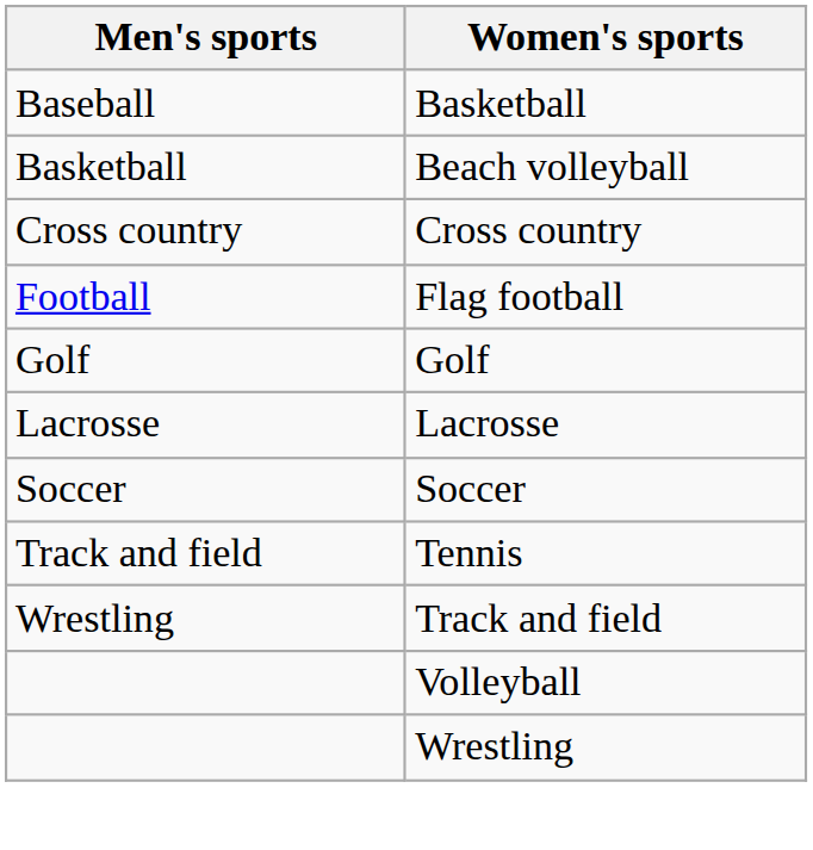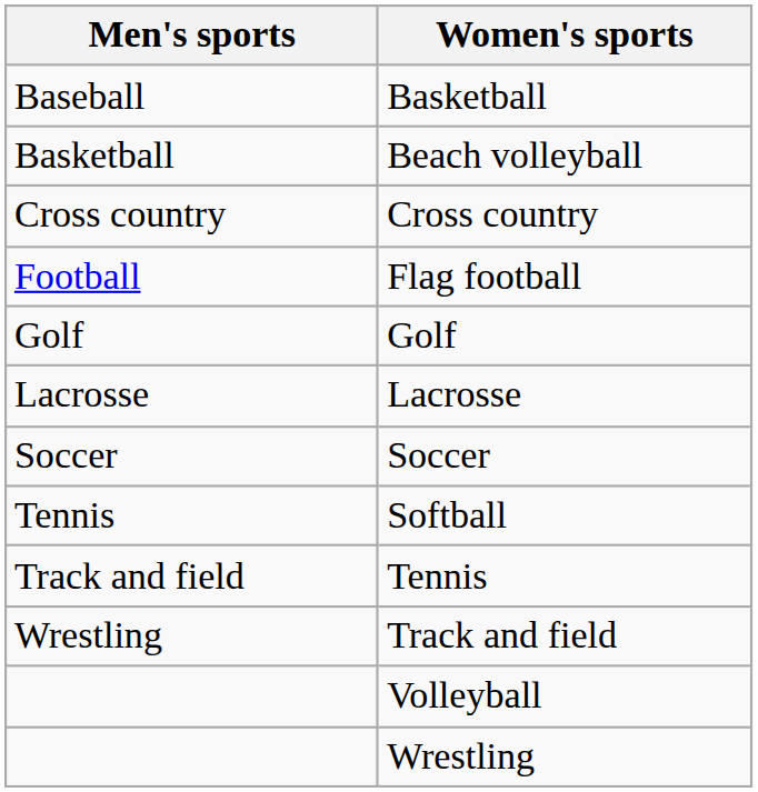 <table class="wikitable"; style= "text-align: ">
 <tr>
 <th width=150px>Men's sports</th>
 <th width=150px>Women's sports</th>
 </tr>
 <tr>
 <td>Baseball</td>
 <td>Basketball</td>
 </tr>
 <tr>
 <td>Basketball</td>
 <td>Beach volleyball</td>
 </tr>
 <tr>
 <td>Cross country</td>
 <td>Cross country</td>
 </tr>
 <tr>
 <td><a href='#'>Football</a></td>
 <td>Flag football</td>
 </tr>
 <tr>
 <td>Golf</td>
 <td>Golf</td>
 </tr>
 <tr>
 <td>Lacrosse</td>
 <td>Lacrosse</td>
 </tr>
 <tr>
 <td>Soccer</td>
 <td>Soccer</td>
 </tr>
 <tr>
+<td>Tennis</td>
+<td>Softball</td>
+</tr>
+<tr>
 <td>Track and field</td>
 <td>Tennis</td>
 </tr>
 <tr>
 <td>Wrestling</td>
 <td>Track and field</td>
 </tr>
 <tr>
 <td></td>
 <td>Volleyball</td>
 </tr>
 <tr>
 <td></td>
 <td>Wrestling</td>
 </tr>
 </table>
